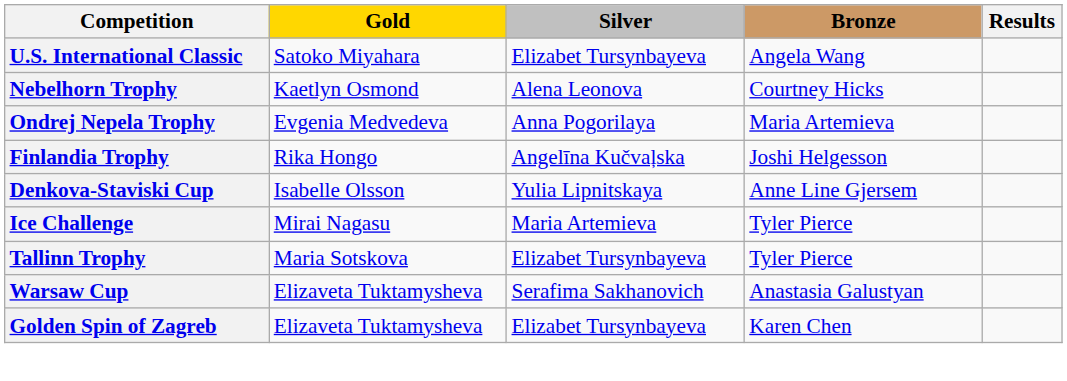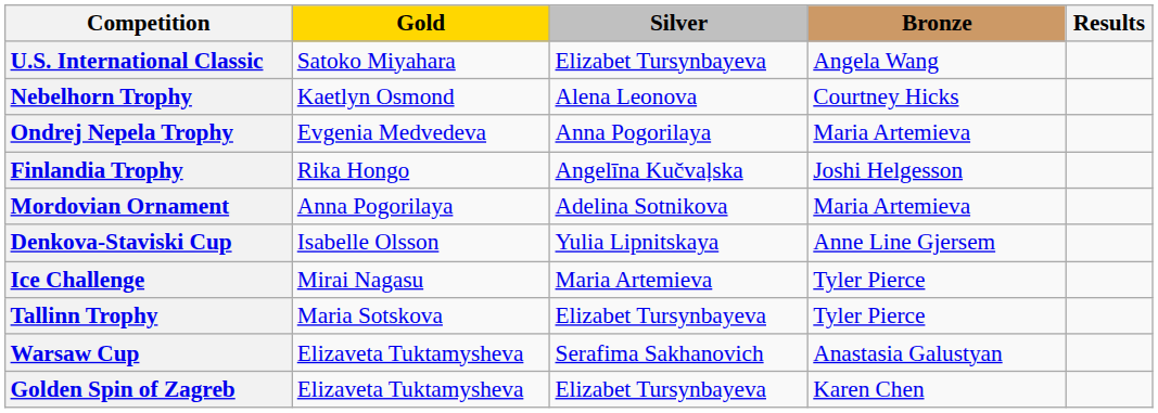 <table class="wikitable unsortable" style="text-align:left; width:90%;">
 <tr>
 <th scope="col" style="text-align:center; width:25%;">Competition</th>
 <td scope="col" style="text-align:center; width:22.5%; background:gold"><strong>Gold</strong></td>
 <td scope="col" style="text-align:center; width:22.5%; background:silver"><strong>Silver</strong></td>
 <td scope="col" style="text-align:center; width:22.5%; background:#c96"><strong>Bronze</strong></td>
 <th scope="col" style="text-align:center; width:7.5%;">Results</th>
 </tr>
 <tr>
 <th scope="row" style="text-align:left"> <a href='#'>U.S. International Classic</a></th>
 <td> <a href='#'>Satoko Miyahara</a></td>
 <td> <a href='#'>Elizabet Tursynbayeva</a></td>
 <td> <a href='#'>Angela Wang</a></td>
 <td></td>
 </tr>
 <tr>
 <th scope="row" style="text-align:left"> <a href='#'>Nebelhorn Trophy</a></th>
 <td> <a href='#'>Kaetlyn Osmond</a></td>
 <td> <a href='#'>Alena Leonova</a></td>
 <td> <a href='#'>Courtney Hicks</a></td>
 <td></td>
 </tr>
 <tr>
 <th scope="row" style="text-align:left"> <a href='#'>Ondrej Nepela Trophy</a></th>
 <td> <a href='#'>Evgenia Medvedeva</a></td>
 <td> <a href='#'>Anna Pogorilaya</a></td>
 <td> <a href='#'>Maria Artemieva</a></td>
 <td></td>
 </tr>
 <tr>
 <th scope="row" style="text-align:left"> <a href='#'>Finlandia Trophy</a></th>
 <td> <a href='#'>Rika Hongo</a></td>
 <td> <a href='#'>Angelīna Kučvaļska</a></td>
 <td> <a href='#'>Joshi Helgesson</a></td>
+<td></td>
+</tr>
+<tr>
+<th scope="row" style="text-align:left"> <a href='#'>Mordovian Ornament</a></th>
+<td> <a href='#'>Anna Pogorilaya</a></td>
+<td> <a href='#'>Adelina Sotnikova</a></td>
+<td> <a href='#'>Maria Artemieva</a></td>
 <td></td>
 </tr>
 <tr>
 <th scope="row" style="text-align:left"> <a href='#'>Denkova-Staviski Cup</a></th>
 <td> <a href='#'>Isabelle Olsson</a></td>
 <td> <a href='#'>Yulia Lipnitskaya</a></td>
 <td> <a href='#'>Anne Line Gjersem</a></td>
 <td></td>
 </tr>
 <tr>
 <th scope="row" style="text-align:left"> <a href='#'>Ice Challenge</a></th>
 <td> <a href='#'>Mirai Nagasu</a></td>
 <td> <a href='#'>Maria Artemieva</a></td>
 <td> <a href='#'>Tyler Pierce</a></td>
 <td></td>
 </tr>
 <tr>
 <th scope="row" style="text-align:left"> <a href='#'>Tallinn Trophy</a></th>
 <td> <a href='#'>Maria Sotskova</a></td>
 <td> <a href='#'>Elizabet Tursynbayeva</a></td>
 <td> <a href='#'>Tyler Pierce</a></td>
 <td></td>
 </tr>
 <tr>
 <th scope="row" style="text-align:left"> <a href='#'>Warsaw Cup</a></th>
 <td> <a href='#'>Elizaveta Tuktamysheva</a></td>
 <td> <a href='#'>Serafima Sakhanovich</a></td>
 <td> <a href='#'>Anastasia Galustyan</a></td>
 <td></td>
 </tr>
 <tr>
 <th scope="row" style="text-align:left"> <a href='#'>Golden Spin of Zagreb</a></th>
 <td> <a href='#'>Elizaveta Tuktamysheva</a></td>
 <td> <a href='#'>Elizabet Tursynbayeva</a></td>
 <td> <a href='#'>Karen Chen</a></td>
 <td></td>
 </tr>
 </table>
